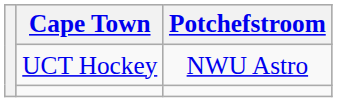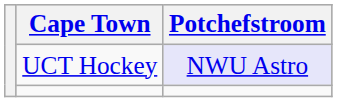 <table class="wikitable" style="text-align:center">
 <tr>
 <th rowspan="4"></th>
 <th><a href='#'>Cape Town</a></th>
 <th><a href='#'>Potchefstroom</a></th>
 </tr>
 <tr>
 <td><a href='#'>UCT Hockey</a></td>
-<td><a href='#'>NWU Astro</a></td>
+<td style="background: lavender;"><a href='#'>NWU Astro</a></td>
 </tr>
 <tr>
 <td></td>
 <td></td>
 </tr>
 </table>
